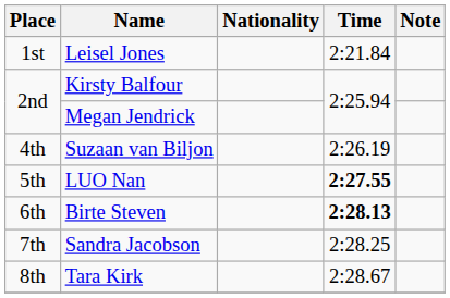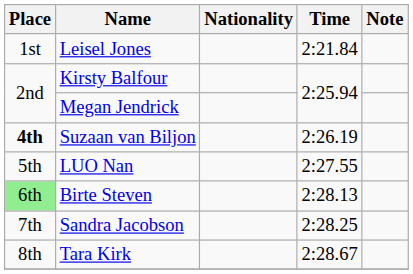 <table class="wikitable" style="text-align:center">
 <tr>
 <th>Place</th>
 <th>Name</th>
 <th>Nationality</th>
 <th>Time</th>
 <th>Note</th>
 </tr>
 <tr>
 <td>1st</td>
 <td align=left><a href='#'>Leisel Jones</a></td>
 <td align=left></td>
 <td>2:21.84</td>
 <td></td>
 </tr>
 <tr>
 <td rowspan=2>2nd</td>
 <td align=left><a href='#'>Kirsty Balfour</a></td>
 <td align=left></td>
 <td rowspan=2>2:25.94</td>
 <td></td>
 </tr>
 <tr>
 <td align=left><a href='#'>Megan Jendrick</a></td>
 <td align=left></td>
 <td></td>
 </tr>
 <tr>
-<td>4th</td>
+<td><strong>4th</strong></td>
 <td align=left><a href='#'>Suzaan van Biljon</a></td>
 <td align=left></td>
 <td>2:26.19</td>
 <td></td>
 </tr>
 <tr>
 <td>5th</td>
 <td align=left><a href='#'>LUO Nan</a></td>
 <td align=left></td>
-<td><strong>2:27.55</strong></td>
+<td>2:27.55</td>
 <td></td>
 </tr>
 <tr>
-<td>6th</td>
+<td style="background: lightgreen;">6th</td>
 <td align=left><a href='#'>Birte Steven</a></td>
 <td align=left></td>
-<td><strong>2:28.13</strong></td>
+<td>2:28.13</td>
 <td></td>
 </tr>
 <tr>
 <td>7th</td>
 <td align=left><a href='#'>Sandra Jacobson</a></td>
 <td align=left></td>
 <td>2:28.25</td>
 <td></td>
 </tr>
 <tr>
 <td>8th</td>
 <td align=left><a href='#'>Tara Kirk</a></td>
 <td align=left></td>
 <td>2:28.67</td>
 <td></td>
 </tr>
 <tr>
 </tr>
 </table>
